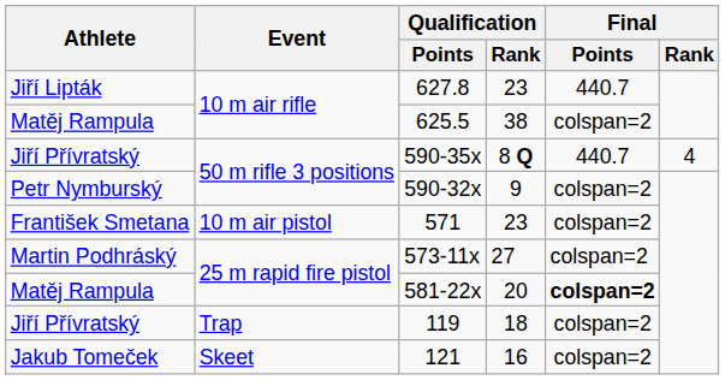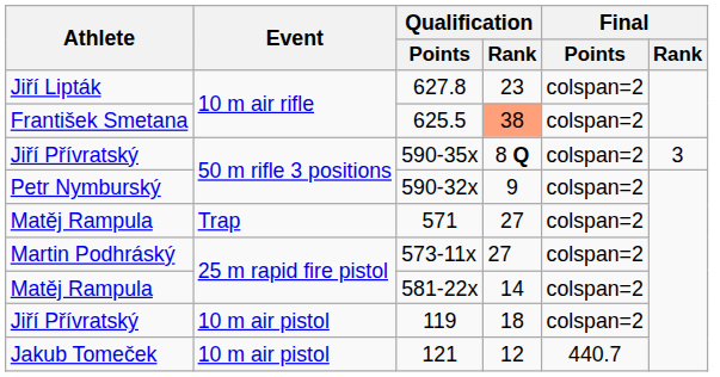 <table class="wikitable" style="font-size:90%">
 <tr>
 <th rowspan="2">Athlete</th>
 <th rowspan="2">Event</th>
 <th colspan=2>Qualification</th>
 <th colspan=2>Final</th>
 </tr>
 <tr style="font-size:95%">
 <th>Points</th>
 <th>Rank</th>
 <th>Points</th>
 <th>Rank</th>
 </tr>
 <tr align=center>
 <td align=left><a href='#'>Jiří Lipták</a></td>
 <td align=left rowspan=2><a href='#'>10 m air rifle</a></td>
 <td>627.8</td>
 <td>23</td>
-<td>440.7</td>
+<td>colspan=2 </td>
 </tr>
 <tr align=center>
-<td align=left><a href='#'>Matěj Rampula</a></td>
+<td align=left><a href='#'>František Smetana</a></td>
 <td>625.5</td>
-<td>38</td>
+<td style="background: lightsalmon;">38</td>
 <td>colspan=2 </td>
 </tr>
 <tr align=center>
 <td align=left><a href='#'>Jiří Přívratský</a></td>
 <td align=left rowspan=2><a href='#'>50 m rifle 3 positions</a></td>
 <td>590-35x</td>
 <td>8 <strong>Q</strong></td>
-<td>440.7</td>
-<td>4</td>
+<td>colspan=2 </td>
+<td>3</td>
 </tr>
 <tr align=center>
 <td align=left><a href='#'>Petr Nymburský</a></td>
 <td>590-32x</td>
 <td>9</td>
 <td>colspan=2 </td>
 </tr>
 <tr align=center>
-<td align=left><a href='#'>František Smetana</a></td>
-<td align=left><a href='#'>10 m air pistol</a></td>
+<td align=left><a href='#'>Matěj Rampula</a></td>
+<td align=left><a href='#'>Trap</a></td>
 <td>571</td>
-<td>23</td>
+<td>27</td>
 <td>colspan=2 </td>
 </tr>
 <tr>
 <td align=left><a href='#'>Martin Podhráský</a></td>
 <td align=left rowspan="2"><a href='#'>25 m rapid fire pistol</a></td>
 <td>573-11x</td>
 <td>27</td>
 <td>colspan=2 </td>
 </tr>
 <tr align="center">
 <td align="left"><a href='#'>Matěj Rampula</a></td>
 <td>581-22x</td>
-<td>20</td>
-<td><strong>colspan=2 </strong></td>
+<td>14</td>
+<td>colspan=2 </td>
 </tr>
 <tr align=center>
 <td align=left><a href='#'>Jiří Přívratský</a></td>
-<td align=left><a href='#'>Trap</a></td>
+<td align=left><a href='#'>10 m air pistol</a></td>
 <td>119</td>
 <td>18</td>
 <td>colspan=2 </td>
 </tr>
 <tr align=center>
 <td align=left><a href='#'>Jakub Tomeček</a></td>
-<td align=left><a href='#'>Skeet</a></td>
+<td align=left><a href='#'>10 m air pistol</a></td>
 <td>121</td>
-<td>16</td>
-<td>colspan=2 </td>
+<td>12</td>
+<td>440.7</td>
 </tr>
 </table>
